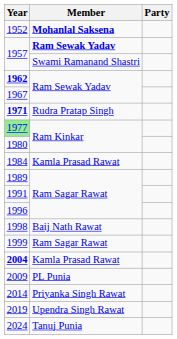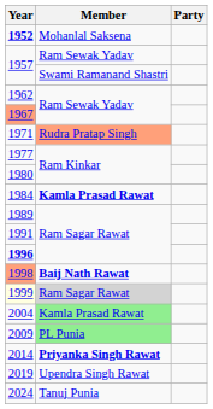 <table class="wikitable sortable">
 <tr>
 <th>Year</th>
 <th>Member</th>
 <th colspan="2">Party</th>
 </tr>
 <tr>
-<td><a href='#'>1952</a></td>
-<td><strong><a href='#'>Mohanlal Saksena</a></strong></td>
+<td><strong><a href='#'>1952</a></strong></td>
+<td><a href='#'>Mohanlal Saksena</a></td>
 <td></td>
 </tr>
 <tr>
 <td rowspan="2"><a href='#'>1957</a></td>
-<td><strong><a href='#'>Ram Sewak Yadav</a></strong></td>
+<td><a href='#'>Ram Sewak Yadav</a></td>
 <td></td>
 </tr>
 <tr>
 <td><a href='#'>Swami Ramanand Shastri</a></td>
 </tr>
 <tr>
-<td><strong><a href='#'>1962</a></strong></td>
+<td><a href='#'>1962</a></td>
 <td rowspan="2"><a href='#'>Ram Sewak Yadav</a></td>
 <td></td>
 </tr>
 <tr>
-<td><a href='#'>1967</a></td>
+<td style="background: lightsalmon;"><a href='#'>1967</a></td>
 <td></td>
 </tr>
 <tr>
-<td><strong><a href='#'>1971</a></strong></td>
-<td><a href='#'>Rudra Pratap Singh</a></td>
+<td><a href='#'>1971</a></td>
+<td style="background: lightsalmon;"><a href='#'>Rudra Pratap Singh</a></td>
 <td></td>
 </tr>
 <tr>
-<td style="background: lightgreen;"><a href='#'>1977</a></td>
+<td><a href='#'>1977</a></td>
 <td rowspan="2"><a href='#'>Ram Kinkar</a></td>
 <td></td>
 </tr>
 <tr>
 <td><a href='#'>1980</a></td>
 <td></td>
 </tr>
 <tr>
 <td><a href='#'>1984</a></td>
-<td><a href='#'>Kamla Prasad Rawat</a></td>
+<td><strong><a href='#'>Kamla Prasad Rawat</a></strong></td>
 <td></td>
 </tr>
 <tr>
 <td><a href='#'>1989</a></td>
 <td rowspan="3"><a href='#'>Ram Sagar Rawat</a></td>
 <td></td>
 </tr>
 <tr>
 <td><a href='#'>1991</a></td>
 <td></td>
 </tr>
 <tr>
-<td><a href='#'>1996</a></td>
+<td><strong><a href='#'>1996</a></strong></td>
 <td></td>
 </tr>
 <tr>
-<td><a href='#'>1998</a></td>
-<td><a href='#'>Baij Nath Rawat</a></td>
+<td style="background: lightsalmon;"><a href='#'>1998</a></td>
+<td><strong><a href='#'>Baij Nath Rawat</a></strong></td>
 <td></td>
 </tr>
 <tr>
-<td><a href='#'>1999</a></td>
-<td><a href='#'>Ram Sagar Rawat</a></td>
+<td style="background: lightyellow;"><a href='#'>1999</a></td>
+<td style="background: lightgrey;"><a href='#'>Ram Sagar Rawat</a></td>
 <td></td>
 </tr>
 <tr>
-<td><strong><a href='#'>2004</a></strong></td>
-<td><a href='#'>Kamla Prasad Rawat</a></td>
+<td><a href='#'>2004</a></td>
+<td style="background: lightgreen;"><a href='#'>Kamla Prasad Rawat</a></td>
 <td></td>
 </tr>
 <tr>
 <td><a href='#'>2009</a></td>
-<td><a href='#'>PL Punia</a></td>
+<td style="background: lightgreen;"><a href='#'>PL Punia</a></td>
 <td></td>
 </tr>
 <tr>
 <td><a href='#'>2014</a></td>
-<td><a href='#'>Priyanka Singh Rawat</a></td>
+<td><strong><a href='#'>Priyanka Singh Rawat</a></strong></td>
 <td></td>
 </tr>
 <tr>
 <td><a href='#'>2019</a></td>
 <td><a href='#'>Upendra Singh Rawat</a></td>
 </tr>
 <tr>
 <td><a href='#'>2024</a></td>
 <td><a href='#'>Tanuj Punia</a></td>
 <td></td>
 </tr>
 </table>
